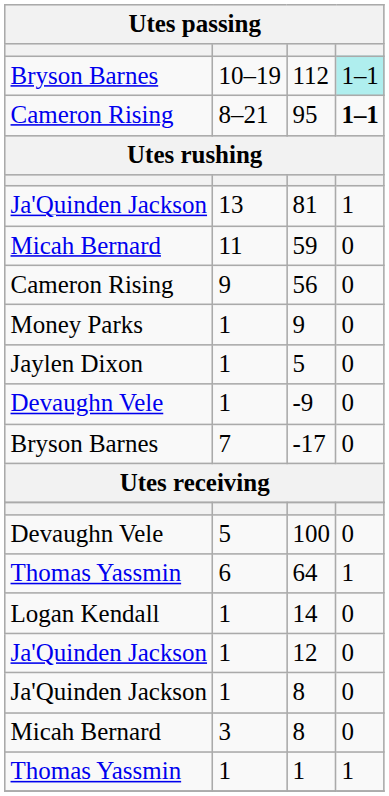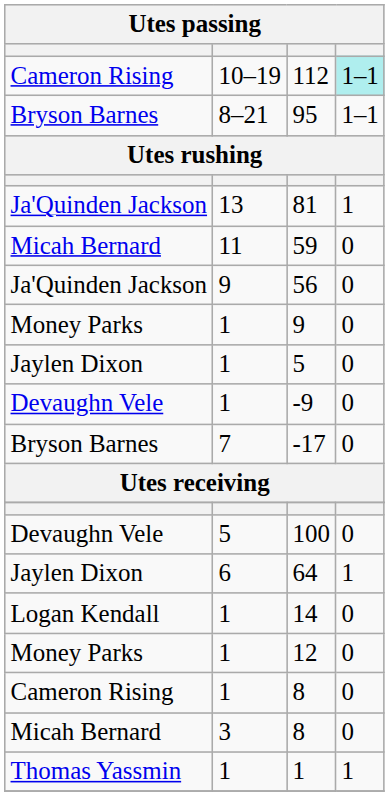 <table class="wikitable plainrowheaders">
 <tr>
 <th colspan="6">Utes passing</th>
 </tr>
 <tr>
 <th scope="col"></th>
 <th scope="col"></th>
 <th scope="col"></th>
 <th scope="col"></th>
 </tr>
 <tr>
-<td><a href='#'>Bryson Barnes</a></td>
+<td><a href='#'>Cameron Rising</a></td>
 <td>10–19</td>
 <td>112</td>
 <td style="background: paleturquoise;">1–1</td>
 </tr>
 <tr>
-<td><a href='#'>Cameron Rising</a></td>
+<td><a href='#'>Bryson Barnes</a></td>
 <td>8–21</td>
 <td>95</td>
-<td><strong>1–1</strong></td>
+<td>1–1</td>
 </tr>
 <tr>
 <th colspan="6">Utes rushing</th>
 </tr>
 <tr>
 <th scope="col"></th>
 <th scope="col"></th>
 <th scope="col"></th>
 <th scope="col"></th>
 </tr>
 <tr>
 <td><a href='#'>Ja'Quinden Jackson</a></td>
 <td>13</td>
 <td>81</td>
 <td>1</td>
 </tr>
 <tr>
 <td><a href='#'>Micah Bernard</a></td>
 <td>11</td>
 <td>59</td>
 <td>0</td>
 </tr>
 <tr>
-<td>Cameron Rising</td>
+<td>Ja'Quinden Jackson</td>
 <td>9</td>
 <td>56</td>
 <td>0</td>
 </tr>
 <tr>
 <td>Money Parks</td>
 <td>1</td>
 <td>9</td>
 <td>0</td>
 </tr>
 <tr>
 <td>Jaylen Dixon</td>
 <td>1</td>
 <td>5</td>
 <td>0</td>
 </tr>
 <tr>
 <td><a href='#'>Devaughn Vele</a></td>
 <td>1</td>
 <td>-9</td>
 <td>0</td>
 </tr>
 <tr>
 <td>Bryson Barnes</td>
 <td>7</td>
 <td>-17</td>
 <td>0</td>
 </tr>
 <tr>
 <th colspan="6">Utes receiving</th>
 </tr>
 <tr>
 </tr>
 <tr>
 <th scope="col"></th>
 <th scope="col"></th>
 <th scope="col"></th>
 <th scope="col"></th>
 </tr>
 <tr>
 <td>Devaughn Vele</td>
 <td>5</td>
 <td>100</td>
 <td>0</td>
 </tr>
 <tr>
-<td><a href='#'>Thomas Yassmin</a></td>
+<td>Jaylen Dixon</td>
 <td>6</td>
 <td>64</td>
 <td>1</td>
 </tr>
 <tr>
 <td>Logan Kendall</td>
 <td>1</td>
 <td>14</td>
 <td>0</td>
 </tr>
 <tr>
-<td><a href='#'>Ja'Quinden Jackson</a></td>
+<td>Money Parks</td>
 <td>1</td>
 <td>12</td>
 <td>0</td>
 </tr>
 <tr>
-<td>Ja'Quinden Jackson</td>
+<td>Cameron Rising</td>
 <td>1</td>
 <td>8</td>
 <td>0</td>
 </tr>
 <tr>
 <td>Micah Bernard</td>
 <td>3</td>
 <td>8</td>
 <td>0</td>
 </tr>
 <tr>
 <td><a href='#'>Thomas Yassmin</a></td>
 <td>1</td>
 <td>1</td>
 <td>1</td>
 </tr>
 <tr>
 </tr>
 </table>
